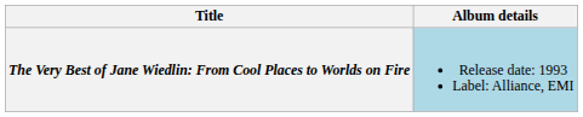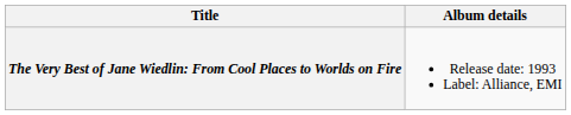 <table class="wikitable plainrowheaders" style="text-align:center;">
 <tr>
 <th>Title</th>
 <th>Album details</th>
 </tr>
 <tr>
 <th scope="row"><em>The Very Best of Jane Wiedlin: From Cool Places to Worlds on Fire</em></th>
-<td style="background: lightblue;"><br><ul><li>Release date: 1993</li><li>Label: Alliance, EMI</li></ul></td>
+<td><br><ul><li>Release date: 1993</li><li>Label: Alliance, EMI</li></ul></td>
 </tr>
 </table>
